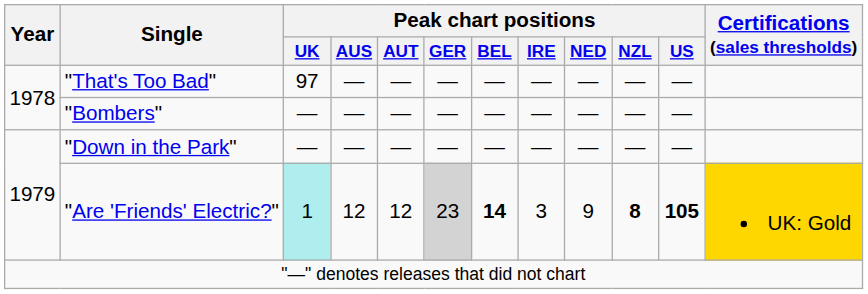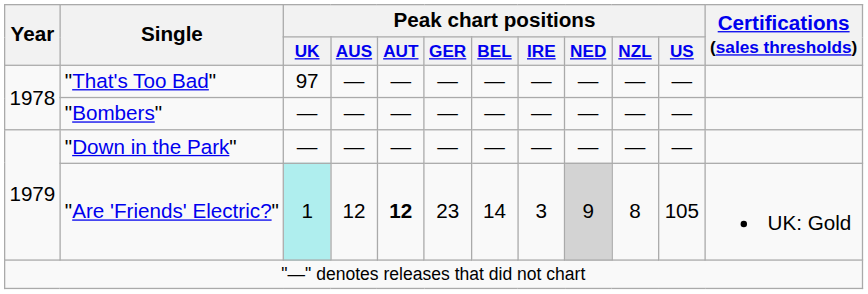 <table class="wikitable" style="text-align:center;">
 <tr>
 <th rowspan="2">Year</th>
 <th rowspan="2">Single</th>
 <th colspan="9">Peak chart positions</th>
 <th rowspan="2"><a href='#'>Certifications</a><br><small>(<a href='#'>sales thresholds</a>)</small></th>
 </tr>
 <tr style="font-size:smaller;">
 <th width="30"><a href='#'>UK</a><br></th>
 <th width="30"><a href='#'>AUS</a><br></th>
 <th width="30"><a href='#'>AUT</a><br></th>
 <th width="30"><a href='#'>GER</a><br></th>
 <th width="30"><a href='#'>BEL</a><br></th>
 <th width="30"><a href='#'>IRE</a><br></th>
 <th width="30"><a href='#'>NED</a><br></th>
 <th width="30"><a href='#'>NZL</a><br></th>
 <th width="30"><a href='#'>US</a><br></th>
 </tr>
 <tr>
 <td rowspan="2">1978</td>
 <td align="left">"<a href='#'>That's Too Bad</a>"</td>
 <td>97</td>
 <td>—</td>
 <td>—</td>
 <td>—</td>
 <td>—</td>
 <td>—</td>
 <td>—</td>
 <td>—</td>
 <td>—</td>
 <td></td>
 </tr>
 <tr>
 <td align="left">"<a href='#'>Bombers</a>"</td>
 <td>—</td>
 <td>—</td>
 <td>—</td>
 <td>—</td>
 <td>—</td>
 <td>—</td>
 <td>—</td>
 <td>—</td>
 <td>—</td>
 <td></td>
 </tr>
 <tr>
 <td rowspan="2">1979</td>
 <td align="left">"<a href='#'>Down in the Park</a>"</td>
 <td>—</td>
 <td>—</td>
 <td>—</td>
 <td>—</td>
 <td>—</td>
 <td>—</td>
 <td>—</td>
 <td>—</td>
 <td>—</td>
 <td></td>
 </tr>
 <tr>
 <td align="left">"<a href='#'>Are 'Friends' Electric?</a>"</td>
 <td style="background: paleturquoise;">1</td>
 <td>12</td>
-<td>12</td>
-<td style="background: lightgrey;">23</td>
-<td><strong>14</strong></td>
+<td><strong>12</strong></td>
+<td>23</td>
+<td>14</td>
 <td>3</td>
-<td>9</td>
-<td><strong>8</strong></td>
-<td><strong>105</strong></td>
-<td style="background: gold;"><br><ul><li>UK: Gold</li></ul></td>
+<td style="background: lightgrey;">9</td>
+<td>8</td>
+<td>105</td>
+<td><br><ul><li>UK: Gold</li></ul></td>
 </tr>
 <tr>
 <td colspan="12" style="font-size:85%">"—" denotes releases that did not chart</td>
 </tr>
 </table>
